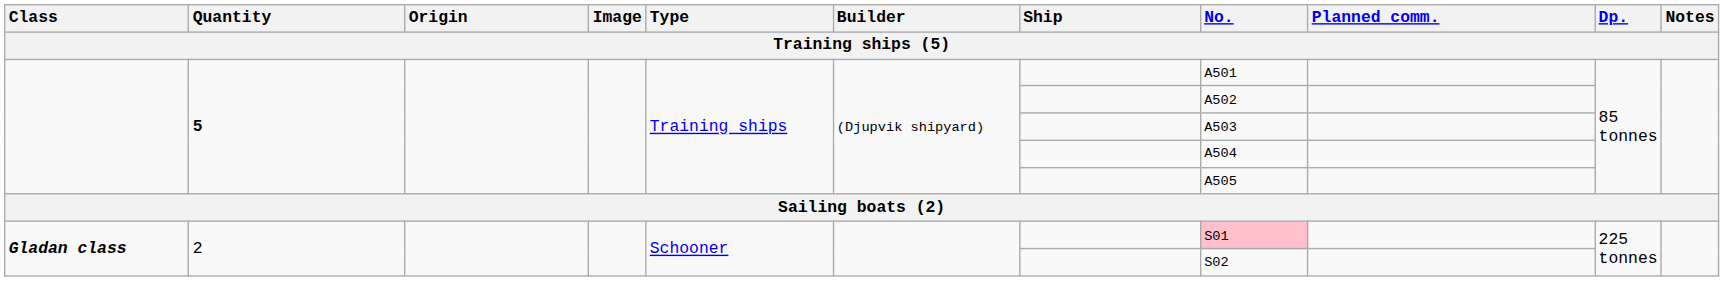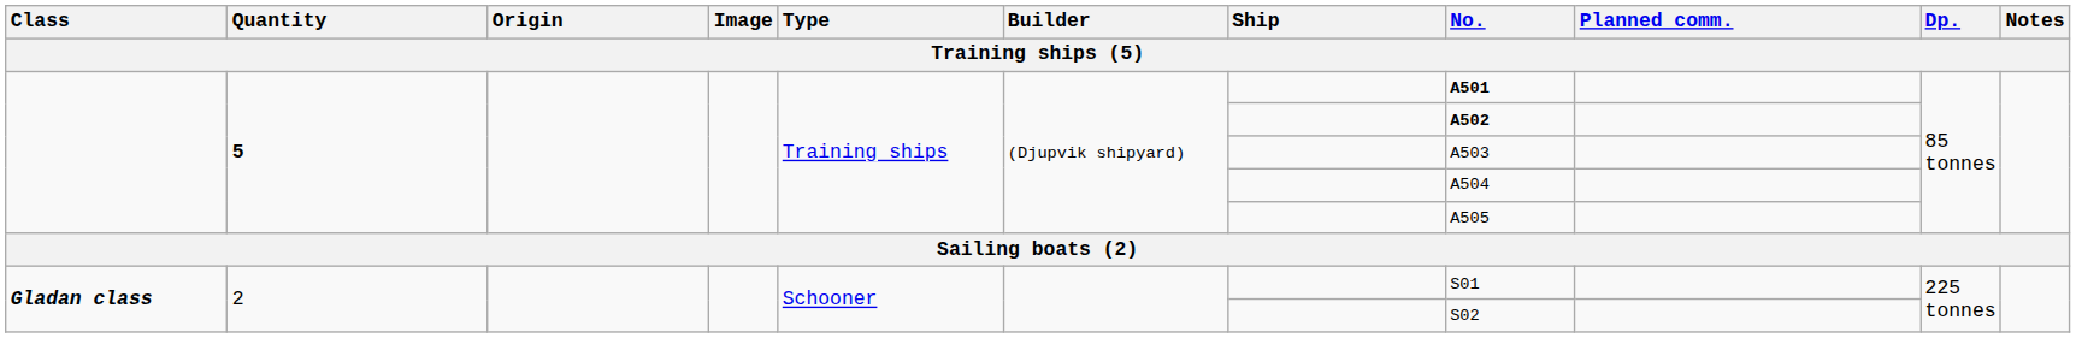 <table class="wikitable" style="font-size: 92%;">
 <tr>
 <th style="text-align: left; width:12%;">Class</th>
 <th style="text-align: left; width:14%;">Quantity</th>
 <th style="text-align: left; width:12%;">Origin</th>
 <th style="text-align: left">Image</th>
 <th style="text-align: left; width:12%;">Type</th>
 <th style="text-align: left; width:12%;">Builder</th>
 <th style="text-align: left; width:12%;">Ship</th>
 <th style="text-align: left; width:7%;"><a href='#'>No.</a></th>
 <th style="text-align: left; width:20%;"><a href='#'>Planned comm.</a></th>
 <th style="text-align: left; width:12%;"><a href='#'>Dp.</a></th>
 <th style="text-align: left; width:12%;">Notes</th>
 </tr>
 <tr>
 <th colspan="11">Training ships (5)</th>
 </tr>
 <tr>
 <td rowspan="5"><strong></strong></td>
 <td rowspan="5"><strong>5</strong></td>
 <td rowspan="5"></td>
 <td rowspan="5"><br></td>
 <td rowspan="5"><a href='#'>Training ships</a></td>
 <td rowspan="5"><small></small><small>(Djupvik shipyard)</small></td>
 <td><small></small></td>
-<td><small>A501</small></td>
+<td><strong><small>A501</small></strong></td>
 <td><small></small></td>
 <td rowspan="5">85 tonnes</td>
 <td rowspan="5"></td>
 </tr>
 <tr>
 <td><small></small></td>
-<td><small>A502</small></td>
+<td><strong><small>A502</small></strong></td>
 <td><small></small></td>
 </tr>
 <tr>
 <td><small></small></td>
 <td><small>A503</small></td>
 <td><small></small></td>
 </tr>
 <tr>
 <td><small></small></td>
 <td><small>A504</small></td>
 <td><small></small></td>
 </tr>
 <tr>
 <td><small></small></td>
 <td><small>A505</small></td>
 <td><small></small></td>
 </tr>
 <tr>
 <th colspan="11">Sailing boats (2)</th>
 </tr>
 <tr>
 <td rowspan="2"><strong><em>Gladan<em> class<strong></td>
 <td rowspan="2"></strong>2<strong></td>
 <td rowspan="2"></td>
 <td rowspan="2"><br></td>
 <td rowspan="2"><a href='#'>Schooner</a></td>
 <td rowspan="2"><small></small></td>
 <td><small></small></td>
-<td style="background: pink;"><small>S01</small></td>
+<td><small>S01</small></td>
 <td><small></small></td>
 <td rowspan="2">225 tonnes</td>
 <td rowspan="2"></td>
 </tr>
 <tr>
 <td><small></small></td>
 <td><small>S02</small></td>
 <td><small></small></td>
 </tr>
 </table>
